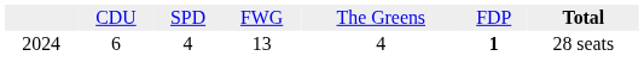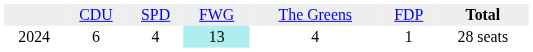 <table border="0" cellpadding="2" cellspacing="0" width="60%">
 <tr bgcolor="#eeeeee" align="center">
 <td></td>
 <td><a href='#'>CDU</a></td>
 <td><a href='#'>SPD</a></td>
 <td><a href='#'>FWG</a></td>
 <td><a href='#'>The Greens</a></td>
 <td><a href='#'>FDP</a></td>
 <td><strong>Total</strong></td>
 </tr>
 <tr align="center">
 <td>2024</td>
 <td>6</td>
 <td>4</td>
-<td>13</td>
+<td style="background: paleturquoise;">13</td>
 <td>4</td>
-<td><strong>1</strong></td>
+<td>1</td>
 <td>28 seats</td>
 </tr>
 </table>
